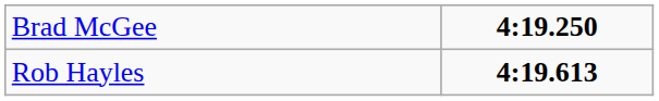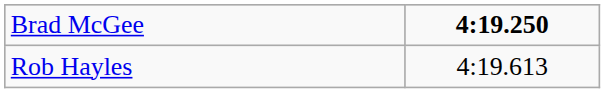 <table class="wikitable" style="text-align:center;">
 <tr>
 <td style="width:15em" align=left><a href='#'>Brad McGee</a> </td>
 <td style="width:7em;"><strong>4:19.250</strong></td>
 </tr>
 <tr>
 <td align=left><a href='#'>Rob Hayles</a> </td>
-<td><strong>4:19.613</strong></td>
+<td>4:19.613</td>
 </tr>
 </table>
